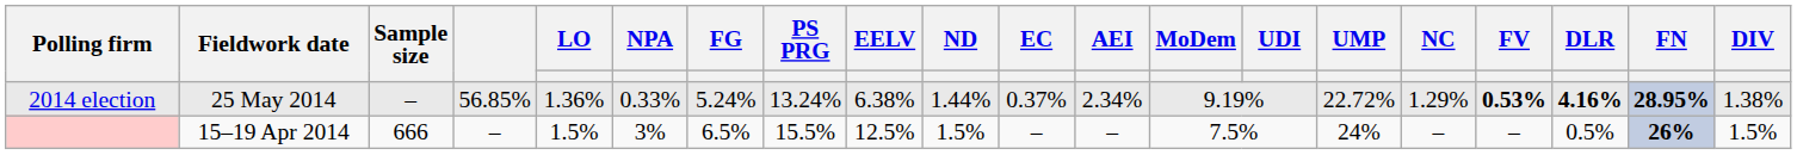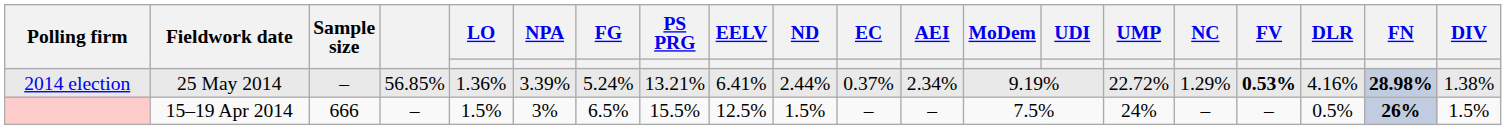 <table class="wikitable sortable" style="text-align:center;font-size:90%;line-height:14px;">
 <tr style="height:40px;">
 <th style="width:100px;" rowspan="2">Polling firm</th>
 <th style="width:110px;" rowspan="2">Fieldwork date</th>
 <th style="width:35px;" rowspan="2">Sample<br>size</th>
 <th style="width:30px;" rowspan="2"></th>
 <th class="unsortable" style="width:40px;"><a href='#'>LO</a></th>
 <th class="unsortable" style="width:40px;"><a href='#'>NPA</a></th>
 <th class="unsortable" style="width:40px;"><a href='#'>FG</a></th>
 <th class="unsortable" style="width:40px;"><a href='#'>PS</a><br><a href='#'>PRG</a></th>
 <th class="unsortable" style="width:40px;"><a href='#'>EELV</a></th>
 <th class="unsortable" style="width:40px;"><a href='#'>ND</a></th>
 <th class="unsortable" style="width:40px;"><a href='#'>EC</a></th>
 <th class="unsortable" style="width:40px;"><a href='#'>AEI</a></th>
 <th class="unsortable" style="width:40px;"><a href='#'>MoDem</a></th>
 <th class="unsortable" style="width:40px;"><a href='#'>UDI</a></th>
 <th class="unsortable" style="width:40px;"><a href='#'>UMP</a></th>
 <th class="unsortable" style="width:40px;"><a href='#'>NC</a></th>
 <th class="unsortable" style="width:40px;"><a href='#'>FV</a></th>
 <th class="unsortable" style="width:40px;"><a href='#'>DLR</a></th>
 <th class="unsortable" style="width:40px;"><a href='#'>FN</a></th>
 <th class="unsortable" style="width:40px;"><a href='#'>DIV</a></th>
 </tr>
 <tr>
 <th style="background:"></th>
 <th style="background:"></th>
 <th style="background:"></th>
 <th style="background:"></th>
 <th style="background:"></th>
 <th style="background:"></th>
 <th style="background:"></th>
 <th style="background:"></th>
 <th style="background:"></th>
 <th style="background:"></th>
 <th style="background:"></th>
 <th style="background:"></th>
 <th style="background:"></th>
 <th style="background:"></th>
 <th style="background:"></th>
 <th style="background:"></th>
 </tr>
 <tr style="background:#E9E9E9;">
 <td><a href='#'>2014 election</a></td>
 <td data-sort-value="2014-05-25">25 May 2014</td>
 <td>–</td>
 <td>56.85%</td>
 <td>1.36%</td>
-<td>0.33%</td>
+<td>3.39%</td>
 <td>5.24%</td>
-<td>13.24%</td>
-<td>6.38%</td>
-<td>1.44%</td>
+<td>13.21%</td>
+<td>6.41%</td>
+<td>2.44%</td>
 <td>0.37%</td>
 <td>2.34%</td>
 <td colspan="2">9.19%</td>
 <td>22.72%</td>
 <td>1.29%</td>
 <td><strong>0.53%</strong></td>
-<td><strong>4.16%</strong></td>
-<td style="background:#C1CCE1;"><strong>28.95%</strong></td>
+<td>4.16%</td>
+<td style="background:#C1CCE1;"><strong>28.98%</strong></td>
 <td>1.38%</td>
 </tr>
 <tr>
 <td style="background:#FFCCCC;"></td>
 <td data-sort-value="2014-04-19">15–19 Apr 2014</td>
 <td>666</td>
 <td>–</td>
 <td>1.5%</td>
 <td>3%</td>
 <td>6.5%</td>
 <td>15.5%</td>
 <td>12.5%</td>
 <td>1.5%</td>
 <td>–</td>
 <td>–</td>
 <td colspan="2">7.5%</td>
 <td>24%</td>
 <td>–</td>
 <td>–</td>
 <td>0.5%</td>
 <td style="background:#C1CCE1;"><strong>26%</strong></td>
 <td>1.5%</td>
 </tr>
 </table>
